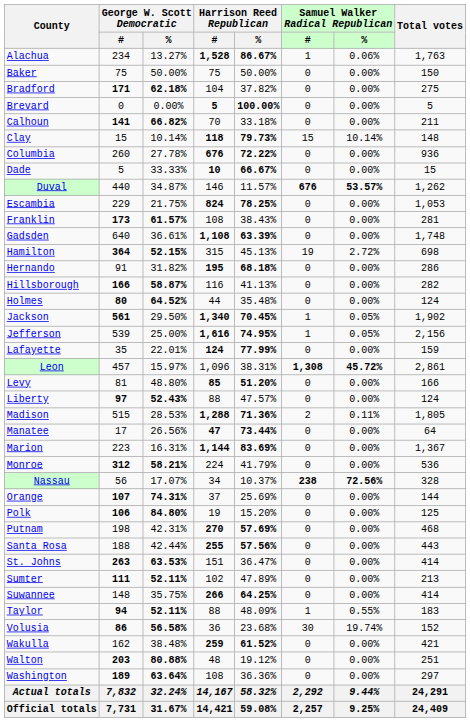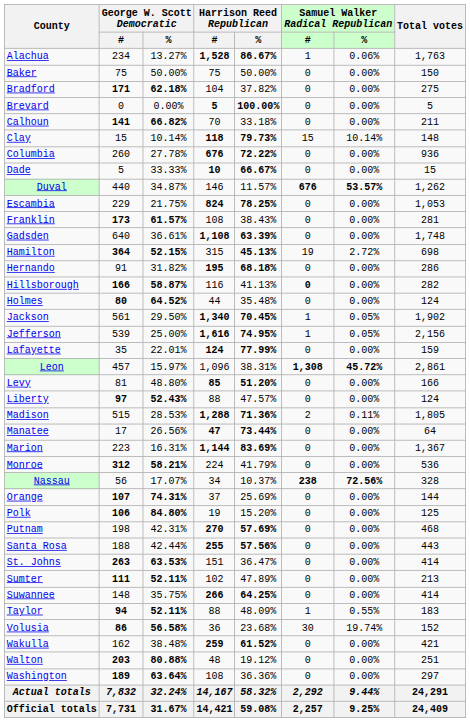 <table class="wikitable sortable">
 <tr>
 <th rowspan="2">County</th>
 <th colspan="2" style="text-align: center;" >George W. Scott <br> <em>Democratic</em></th>
 <th colspan="2" style="text-align: center;" >Harrison Reed <br><em>Republican</em></th>
 <th colspan="2" style="text-align: center; background:#CFC;">Samuel Walker <br><em>Radical Republican</em></th>
 <th rowspan="2">Total votes</th>
 </tr>
 <tr>
 <th colspan="1" style="text-align: center;" >#</th>
 <th colspan="1" style="text-align: center;" >%</th>
 <th colspan="1" style="text-align: center;" >#</th>
 <th colspan="1" style="text-align: center;" >%</th>
 <th colspan="1" style="text-align: center; background:#CFC;">#</th>
 <th colspan="1" style="text-align: center; background:#CFC;">%</th>
 </tr>
 <tr>
 <td><a href='#'>Alachua</a></td>
 <td align="center">234</td>
 <td align="center">13.27%</td>
 <td align="center"><strong>1,528</strong></td>
 <td align="center"><strong>86.67%</strong></td>
 <td align="center">1</td>
 <td align="center">0.06%</td>
 <td align="center">1,763</td>
 </tr>
 <tr>
 <td><a href='#'>Baker</a></td>
 <td align="center">75</td>
 <td align="center">50.00%</td>
 <td align="center">75</td>
 <td align="center">50.00%</td>
 <td align="center">0</td>
 <td align="center">0.00%</td>
 <td align="center">150</td>
 </tr>
 <tr>
 <td><a href='#'>Bradford</a></td>
 <td align="center"><strong>171</strong></td>
 <td align="center"><strong>62.18%</strong></td>
 <td align="center">104</td>
 <td align="center">37.82%</td>
 <td align="center">0</td>
 <td align="center">0.00%</td>
 <td align="center">275</td>
 </tr>
 <tr>
 <td><a href='#'>Brevard</a></td>
 <td align="center">0</td>
 <td align="center">0.00%</td>
 <td align="center"><strong>5</strong></td>
 <td align="center"><strong>100.00%</strong></td>
 <td align="center">0</td>
 <td align="center">0.00%</td>
 <td align="center">5</td>
 </tr>
 <tr>
 <td><a href='#'>Calhoun</a></td>
 <td align="center"><strong>141</strong></td>
 <td align="center"><strong>66.82%</strong></td>
 <td align="center">70</td>
 <td align="center">33.18%</td>
 <td align="center">0</td>
 <td align="center">0.00%</td>
 <td align="center">211</td>
 </tr>
 <tr>
 <td><a href='#'>Clay</a></td>
 <td align="center">15</td>
 <td align="center">10.14%</td>
 <td align="center"><strong>118</strong></td>
 <td align="center"><strong>79.73%</strong></td>
 <td align="center">15</td>
 <td align="center">10.14%</td>
 <td align="center">148</td>
 </tr>
 <tr>
 <td><a href='#'>Columbia</a></td>
 <td align="center">260</td>
 <td align="center">27.78%</td>
 <td align="center"><strong>676</strong></td>
 <td align="center"><strong>72.22%</strong></td>
 <td align="center">0</td>
 <td align="center">0.00%</td>
 <td align="center">936</td>
 </tr>
 <tr>
 <td><a href='#'>Dade</a></td>
 <td align="center">5</td>
 <td align="center">33.33%</td>
 <td align="center"><strong>10</strong></td>
 <td align="center"><strong>66.67%</strong></td>
 <td align="center">0</td>
 <td align="center">0.00%</td>
 <td align="center">15</td>
 </tr>
 <tr>
 <td align="center" style="background:#CFC;"><a href='#'>Duval</a></td>
 <td align="center">440</td>
 <td align="center">34.87%</td>
 <td align="center">146</td>
 <td align="center">11.57%</td>
 <td align="center"><strong>676</strong></td>
 <td align="center"><strong>53.57%</strong></td>
 <td align="center">1,262</td>
 </tr>
 <tr>
 <td><a href='#'>Escambia</a></td>
 <td align="center">229</td>
 <td align="center">21.75%</td>
 <td align="center"><strong>824</strong></td>
 <td align="center"><strong>78.25%</strong></td>
 <td align="center">0</td>
 <td align="center">0.00%</td>
 <td align="center">1,053</td>
 </tr>
 <tr>
 <td><a href='#'>Franklin</a></td>
 <td align="center"><strong>173</strong></td>
 <td align="center"><strong>61.57%</strong></td>
 <td align="center">108</td>
 <td align="center">38.43%</td>
 <td align="center">0</td>
 <td align="center">0.00%</td>
 <td align="center">281</td>
 </tr>
 <tr>
 <td><a href='#'>Gadsden</a></td>
 <td align="center">640</td>
 <td align="center">36.61%</td>
 <td align="center"><strong>1,108</strong></td>
 <td align="center"><strong>63.39%</strong></td>
 <td align="center">0</td>
 <td align="center">0.00%</td>
 <td align="center">1,748</td>
 </tr>
 <tr>
 <td><a href='#'>Hamilton</a></td>
 <td align="center"><strong>364</strong></td>
 <td align="center"><strong>52.15%</strong></td>
 <td align="center">315</td>
-<td align="center">45.13%</td>
+<td align="center"><strong>45.13%</strong></td>
 <td align="center">19</td>
 <td align="center">2.72%</td>
 <td align="center">698</td>
 </tr>
 <tr>
 <td><a href='#'>Hernando</a></td>
 <td align="center">91</td>
 <td align="center">31.82%</td>
 <td align="center"><strong>195</strong></td>
 <td align="center"><strong>68.18%</strong></td>
 <td align="center">0</td>
 <td align="center">0.00%</td>
 <td align="center">286</td>
 </tr>
 <tr>
 <td><a href='#'>Hillsborough</a></td>
 <td align="center"><strong>166</strong></td>
 <td align="center"><strong>58.87%</strong></td>
 <td align="center">116</td>
 <td align="center">41.13%</td>
-<td align="center">0</td>
+<td align="center"><strong>0</strong></td>
 <td align="center">0.00%</td>
 <td align="center">282</td>
 </tr>
 <tr>
 <td><a href='#'>Holmes</a></td>
 <td align="center"><strong>80</strong></td>
 <td align="center"><strong>64.52%</strong></td>
 <td align="center">44</td>
 <td align="center">35.48%</td>
 <td align="center">0</td>
 <td align="center">0.00%</td>
 <td align="center">124</td>
 </tr>
 <tr>
 <td><a href='#'>Jackson</a></td>
-<td align="center"><strong>561</strong></td>
+<td align="center">561</td>
 <td align="center">29.50%</td>
 <td align="center"><strong>1,340</strong></td>
 <td align="center"><strong>70.45%</strong></td>
 <td align="center">1</td>
 <td align="center">0.05%</td>
 <td align="center">1,902</td>
 </tr>
 <tr>
 <td><a href='#'>Jefferson</a></td>
 <td align="center">539</td>
 <td align="center">25.00%</td>
 <td align="center"><strong>1,616</strong></td>
 <td align="center"><strong>74.95%</strong></td>
 <td align="center">1</td>
 <td align="center">0.05%</td>
 <td align="center">2,156</td>
 </tr>
 <tr>
 <td><a href='#'>Lafayette</a></td>
 <td align="center">35</td>
 <td align="center">22.01%</td>
 <td align="center"><strong>124</strong></td>
 <td align="center"><strong>77.99%</strong></td>
 <td align="center">0</td>
 <td align="center">0.00%</td>
 <td align="center">159</td>
 </tr>
 <tr>
 <td align="center" style="background:#CFC;"><a href='#'>Leon</a></td>
 <td align="center">457</td>
 <td align="center">15.97%</td>
 <td align="center">1,096</td>
 <td align="center">38.31%</td>
 <td align="center"><strong>1,308</strong></td>
 <td align="center"><strong>45.72%</strong></td>
 <td align="center">2,861</td>
 </tr>
 <tr>
 <td><a href='#'>Levy</a></td>
 <td align="center">81</td>
 <td align="center">48.80%</td>
 <td align="center"><strong>85</strong></td>
 <td align="center"><strong>51.20%</strong></td>
 <td align="center">0</td>
 <td align="center">0.00%</td>
 <td align="center">166</td>
 </tr>
 <tr>
 <td><a href='#'>Liberty</a></td>
 <td align="center"><strong>97</strong></td>
 <td align="center"><strong>52.43%</strong></td>
 <td align="center">88</td>
 <td align="center">47.57%</td>
 <td align="center">0</td>
 <td align="center">0.00%</td>
 <td align="center">124</td>
 </tr>
 <tr>
 <td><a href='#'>Madison</a></td>
 <td align="center">515</td>
 <td align="center">28.53%</td>
 <td align="center"><strong>1,288</strong></td>
 <td align="center"><strong>71.36%</strong></td>
 <td align="center">2</td>
 <td align="center">0.11%</td>
 <td align="center">1,805</td>
 </tr>
 <tr>
 <td><a href='#'>Manatee</a></td>
 <td align="center">17</td>
 <td align="center">26.56%</td>
 <td align="center"><strong>47</strong></td>
 <td align="center"><strong>73.44%</strong></td>
 <td align="center">0</td>
 <td align="center">0.00%</td>
 <td align="center">64</td>
 </tr>
 <tr>
 <td><a href='#'>Marion</a></td>
 <td align="center">223</td>
 <td align="center">16.31%</td>
 <td align="center"><strong>1,144</strong></td>
 <td align="center"><strong>83.69%</strong></td>
 <td align="center">0</td>
 <td align="center">0.00%</td>
 <td align="center">1,367</td>
 </tr>
 <tr>
 <td><a href='#'>Monroe</a></td>
 <td align="center"><strong>312</strong></td>
 <td align="center"><strong>58.21%</strong></td>
 <td align="center">224</td>
 <td align="center">41.79%</td>
 <td align="center">0</td>
 <td align="center">0.00%</td>
 <td align="center">536</td>
 </tr>
 <tr>
 <td align="center" style="background:#CFC;"><a href='#'>Nassau</a></td>
 <td align="center">56</td>
 <td align="center">17.07%</td>
 <td align="center">34</td>
 <td align="center">10.37%</td>
 <td align="center"><strong>238</strong></td>
 <td align="center"><strong>72.56%</strong></td>
 <td align="center">328</td>
 </tr>
 <tr>
 <td><a href='#'>Orange</a></td>
 <td align="center"><strong>107</strong></td>
 <td align="center"><strong>74.31%</strong></td>
 <td align="center">37</td>
 <td align="center">25.69%</td>
 <td align="center">0</td>
 <td align="center">0.00%</td>
 <td align="center">144</td>
 </tr>
 <tr>
 <td><a href='#'>Polk</a></td>
 <td align="center"><strong>106</strong></td>
 <td align="center"><strong>84.80%</strong></td>
 <td align="center">19</td>
 <td align="center">15.20%</td>
 <td align="center">0</td>
 <td align="center">0.00%</td>
 <td align="center">125</td>
 </tr>
 <tr>
 <td><a href='#'>Putnam</a></td>
 <td align="center">198</td>
 <td align="center">42.31%</td>
 <td align="center"><strong>270</strong></td>
 <td align="center"><strong>57.69%</strong></td>
 <td align="center">0</td>
 <td align="center">0.00%</td>
 <td align="center">468</td>
 </tr>
 <tr>
 <td><a href='#'>Santa Rosa</a></td>
 <td align="center">188</td>
 <td align="center">42.44%</td>
 <td align="center"><strong>255</strong></td>
 <td align="center"><strong>57.56%</strong></td>
 <td align="center">0</td>
 <td align="center">0.00%</td>
 <td align="center">443</td>
 </tr>
 <tr>
 <td><a href='#'>St. Johns</a></td>
 <td align="center"><strong>263</strong></td>
 <td align="center"><strong>63.53%</strong></td>
 <td align="center">151</td>
 <td align="center">36.47%</td>
 <td align="center">0</td>
 <td align="center">0.00%</td>
 <td align="center">414</td>
 </tr>
 <tr>
 <td><a href='#'>Sumter</a></td>
 <td align="center"><strong>111</strong></td>
 <td align="center"><strong>52.11%</strong></td>
 <td align="center">102</td>
 <td align="center">47.89%</td>
 <td align="center">0</td>
 <td align="center">0.00%</td>
 <td align="center">213</td>
 </tr>
 <tr>
 <td><a href='#'>Suwannee</a></td>
 <td align="center">148</td>
 <td align="center">35.75%</td>
 <td align="center"><strong>266</strong></td>
 <td align="center"><strong>64.25%</strong></td>
 <td align="center">0</td>
 <td align="center">0.00%</td>
 <td align="center">414</td>
 </tr>
 <tr>
 <td><a href='#'>Taylor</a></td>
 <td align="center"><strong>94</strong></td>
 <td align="center"><strong>52.11%</strong></td>
 <td align="center">88</td>
 <td align="center">48.09%</td>
 <td align="center">1</td>
 <td align="center">0.55%</td>
 <td align="center">183</td>
 </tr>
 <tr>
 <td><a href='#'>Volusia</a></td>
 <td align="center"><strong>86</strong></td>
 <td align="center"><strong>56.58%</strong></td>
 <td align="center">36</td>
 <td align="center">23.68%</td>
 <td align="center">30</td>
 <td align="center">19.74%</td>
 <td align="center">152</td>
 </tr>
 <tr>
 <td><a href='#'>Wakulla</a></td>
 <td align="center">162</td>
 <td align="center">38.48%</td>
 <td align="center"><strong>259</strong></td>
 <td align="center"><strong>61.52%</strong></td>
 <td align="center">0</td>
 <td align="center">0.00%</td>
 <td align="center">421</td>
 </tr>
 <tr>
 <td><a href='#'>Walton</a></td>
 <td align="center"><strong>203</strong></td>
 <td align="center"><strong>80.88%</strong></td>
 <td align="center">48</td>
 <td align="center">19.12%</td>
 <td align="center">0</td>
 <td align="center">0.00%</td>
 <td align="center">251</td>
 </tr>
 <tr>
 <td><a href='#'>Washington</a></td>
 <td align="center"><strong>189</strong></td>
 <td align="center"><strong>63.64%</strong></td>
 <td align="center">108</td>
 <td align="center">36.36%</td>
 <td align="center">0</td>
 <td align="center">0.00%</td>
 <td align="center">297</td>
 </tr>
 <tr>
 <th><em>Actual totals</em></th>
 <th><em>7,832</em></th>
 <th><em>32.24%</em></th>
 <th><em>14,167</em></th>
 <th><em>58.32%</em></th>
 <th><em>2,292</em></th>
 <th><em>9.44%</em></th>
 <th>24,291</th>
 </tr>
 <tr>
 <th><strong>Official totals</strong></th>
 <th><strong>7,731</strong></th>
 <th><strong>31.67%</strong></th>
 <th><strong>14,421</strong></th>
 <th><strong>59.08%</strong></th>
 <th><strong>2,257</strong></th>
 <th><strong>9.25%</strong></th>
 <th>24,409</th>
 </tr>
 </table>
